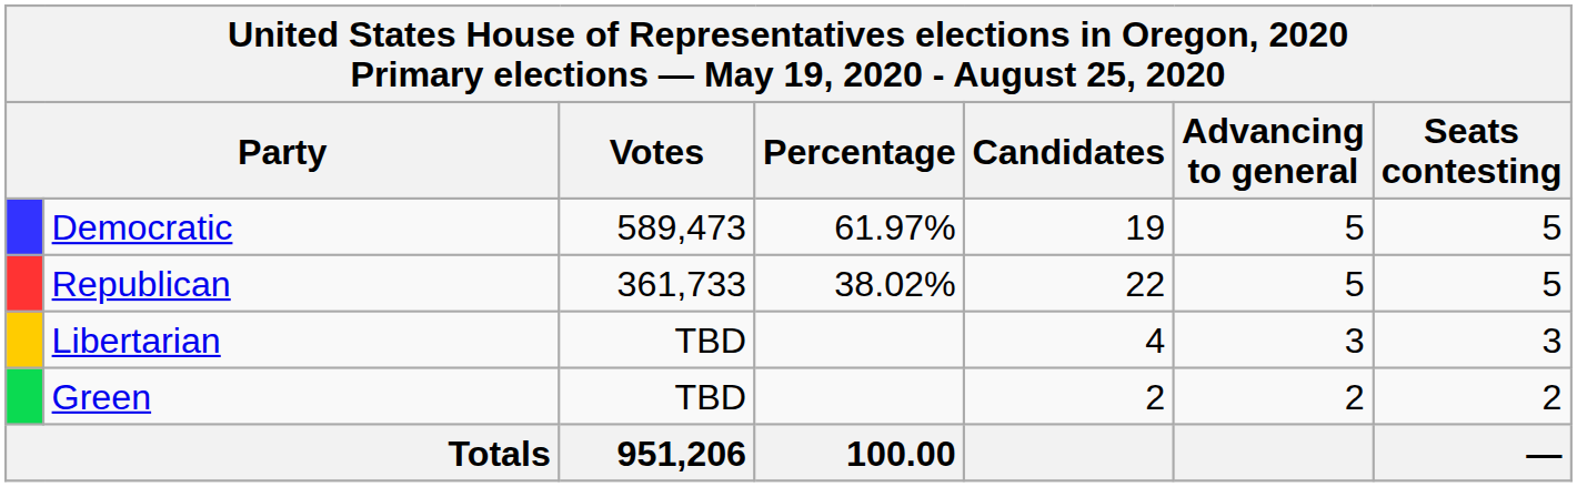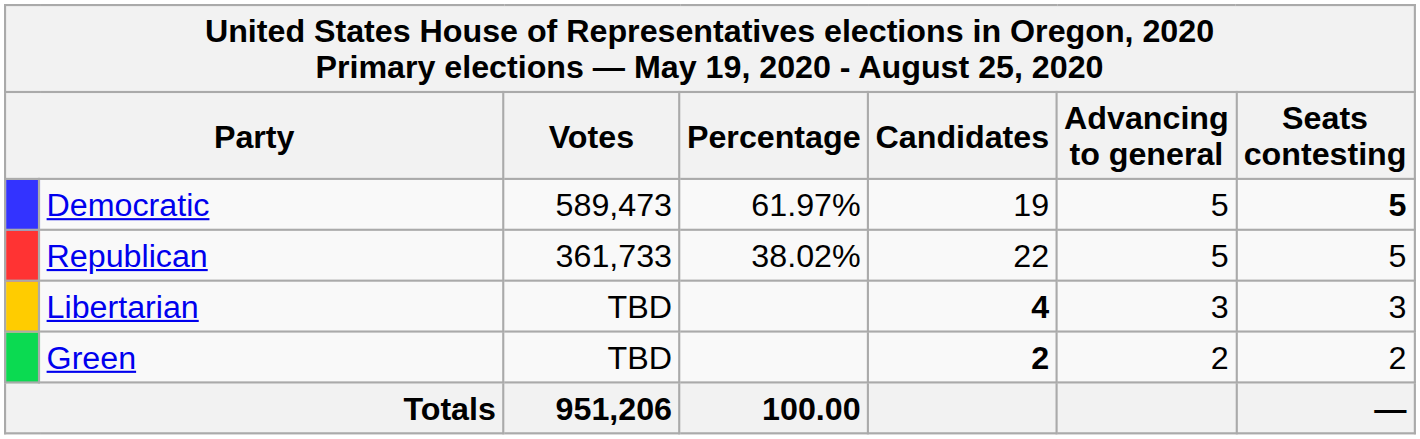 <table class="wikitable" style="font-size: 95%;">
 <tr>
 <th colspan="7">United States House of Representatives elections in Oregon, 2020<br>Primary elections — May 19, 2020 - August 25, 2020</th>
 </tr>
 <tr>
 <th colspan="2" style="width: 15em">Party</th>
 <th style="width: 5em">Votes</th>
 <th style="width: 5em">Percentage</th>
 <th style="width: 5em">Candidates</th>
 <th style="width: 5em">Advancing to general</th>
 <th style="width: 5em">Seats contesting</th>
 </tr>
 <tr>
 <th style="background:#33f; width:3px;"></th>
 <td style="width: 130px"><a href='#'>Democratic</a></td>
 <td style="text-align:right;">589,473</td>
 <td style="text-align:right;">61.97%</td>
 <td style="text-align:right;">19</td>
 <td style="text-align:right;">5</td>
-<td style="text-align:right;">5</td>
+<td style="text-align:right;"><strong>5</strong></td>
 </tr>
 <tr>
 <th style="background:#f33; width:3px;"></th>
 <td style="width: 130px"><a href='#'>Republican</a></td>
 <td style="text-align:right;">361,733</td>
 <td style="text-align:right;">38.02%</td>
 <td style="text-align:right;">22</td>
 <td style="text-align:right;">5</td>
 <td style="text-align:right;">5</td>
 </tr>
 <tr>
 <th style="background:#fc0; width:3px;"></th>
 <td style="width: 130px"><a href='#'>Libertarian</a></td>
 <td style="text-align:right;">TBD</td>
 <td style="text-align:right;"></td>
-<td style="text-align:right;">4</td>
+<td style="text-align:right;"><strong>4</strong></td>
 <td style="text-align:right;">3</td>
 <td style="text-align:right;">3</td>
 </tr>
 <tr>
 <th style="background:#0bda51; width:3px;"></th>
 <td style="width: 130px"><a href='#'>Green</a></td>
 <td style="text-align:right;">TBD</td>
 <td style="text-align:right;"></td>
-<td style="text-align:right;">2</td>
+<td style="text-align:right;"><strong>2</strong></td>
 <td style="text-align:right;">2</td>
 <td style="text-align:right;">2</td>
 </tr>
 <tr style="background:#eee;">
 <th colspan="2" style="text-align:right;">Totals</th>
 <th style="text-align:right;">951,206</th>
 <th style="text-align:right;">100.00</th>
 <th style="text-align:right;"></th>
 <th style="text-align:right;"></th>
 <th style="text-align:right;">—</th>
 </tr>
 </table>
